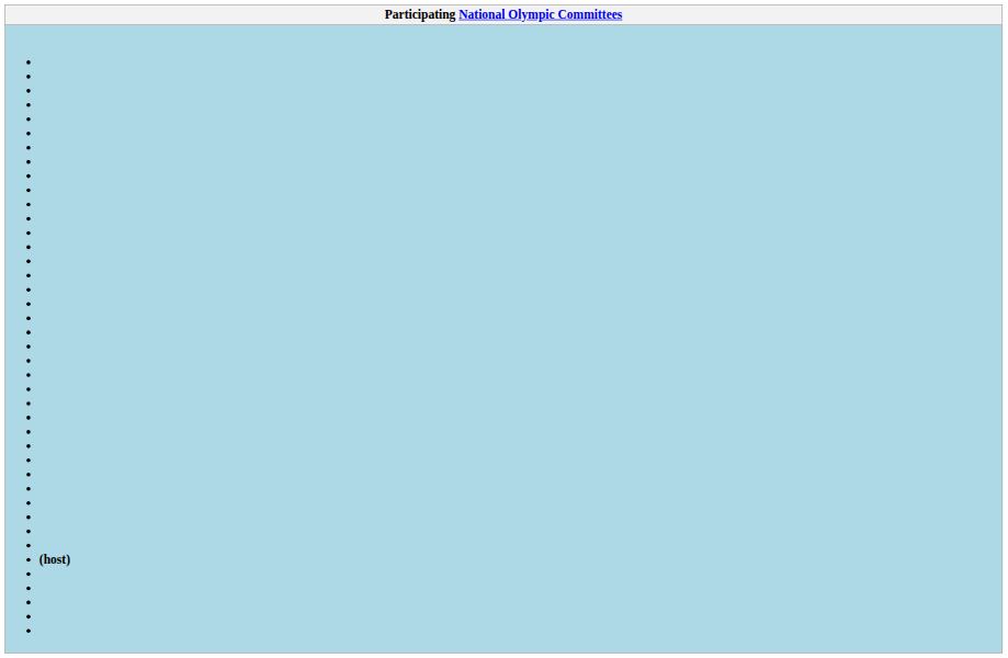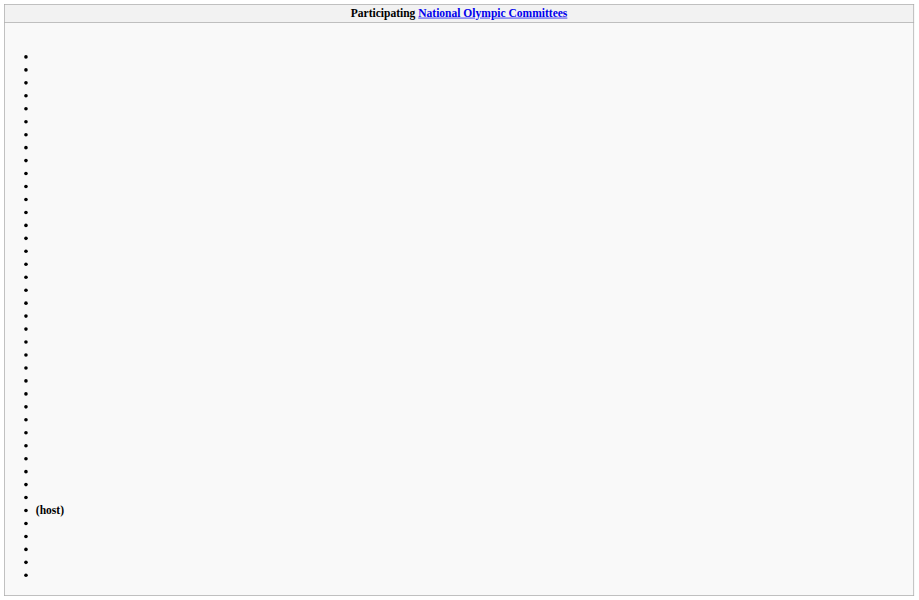 <table class="wikitable collapsible" style="width:100%;">
 <tr>
 <th>Participating <a href='#'>National Olympic Committees</a></th>
 </tr>
 <tr>
-<td style="background: lightblue;"><br><ul><li></li><li></li><li></li><li></li><li></li><li></li><li></li><li></li><li></li><li></li><li></li><li></li><li></li><li></li><li></li><li></li><li></li><li></li><li></li><li></li><li></li><li></li><li></li><li></li><li></li><li></li><li></li><li></li><li></li><li></li><li></li><li></li><li></li><li></li><li></li><li> <strong>(host)</strong></li><li></li><li></li><li></li><li></li><li></li></ul></td>
+<td><br><ul><li></li><li></li><li></li><li></li><li></li><li></li><li></li><li></li><li></li><li></li><li></li><li></li><li></li><li></li><li></li><li></li><li></li><li></li><li></li><li></li><li></li><li></li><li></li><li></li><li></li><li></li><li></li><li></li><li></li><li></li><li></li><li></li><li></li><li></li><li></li><li> <strong>(host)</strong></li><li></li><li></li><li></li><li></li><li></li></ul></td>
 </tr>
 </table>
